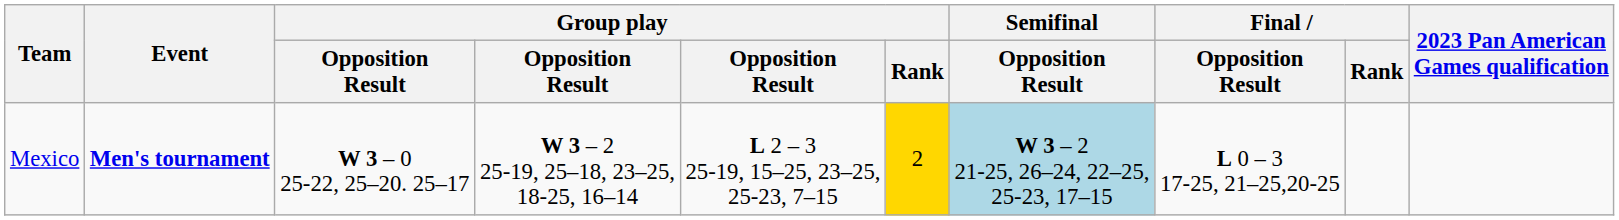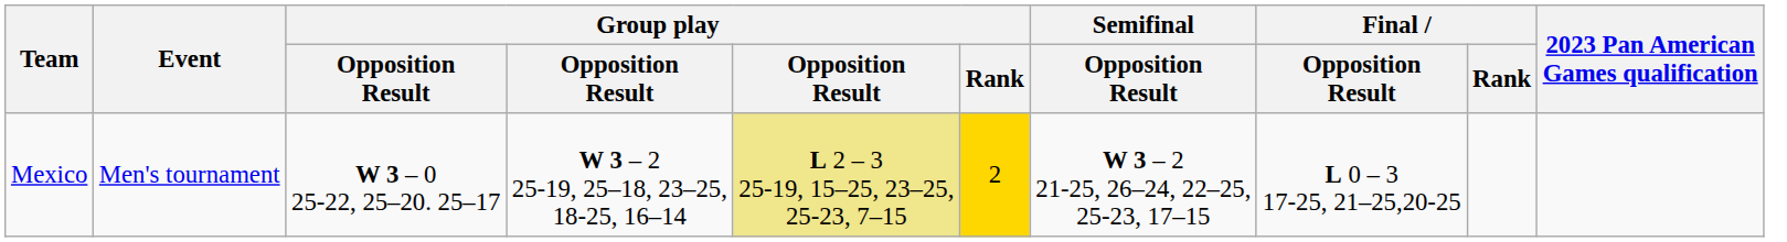 <table class="wikitable" style="text-align:center">
 <tr>
 <th rowspan="2">Team</th>
 <th rowspan="2">Event</th>
 <th colspan="4">Group play</th>
 <th>Semifinal</th>
 <th colspan="2">Final / </th>
 <th style="white-space: nowrap;" rowspan="2"><a href='#'>2023 Pan American <br> Games qualification</a></th>
 </tr>
 <tr>
 <th>Opposition<br>Result</th>
 <th>Opposition<br>Result</th>
 <th>Opposition<br>Result</th>
 <th>Rank</th>
 <th>Opposition<br>Result</th>
 <th>Opposition<br>Result</th>
 <th>Rank</th>
 </tr>
 <tr>
 <td align="left"><a href='#'>Mexico</a></td>
-<td align="left"><strong><a href='#'>Men's tournament</a></strong></td>
+<td align="left"><a href='#'>Men's tournament</a></td>
 <td style="white-space: nowrap;"><br><strong>W 3</strong> – 0<br>25-22, 25–20. 25–17</td>
 <td style="white-space: nowrap;"><br><strong>W 3</strong> – 2<br>25-19, 25–18, 23–25,<br>18-25, 16–14</td>
-<td style="white-space: nowrap;"><br><strong>L</strong> 2 – 3<br>25-19, 15–25, 23–25,<br>25-23, 7–15</td>
+<td style="background: khaki; white-space: nowrap;"><br><strong>L</strong> 2 – 3<br>25-19, 15–25, 23–25,<br>25-23, 7–15</td>
 <td style="background: gold;">2</td>
-<td style="background: lightblue; white-space: nowrap;"><br><strong>W 3</strong> – 2<br>21-25, 26–24, 22–25,<br>25-23, 17–15</td>
+<td style="white-space: nowrap;"><br><strong>W 3</strong> – 2<br>21-25, 26–24, 22–25,<br>25-23, 17–15</td>
 <td style="white-space: nowrap;"><br><strong>L</strong> 0 – 3<br>17-25, 21–25,20-25</td>
 <td></td>
 <td></td>
 </tr>
 </table>
